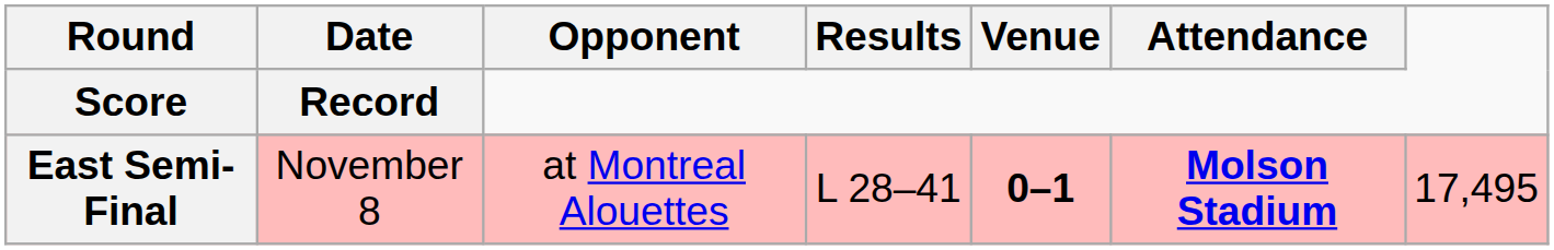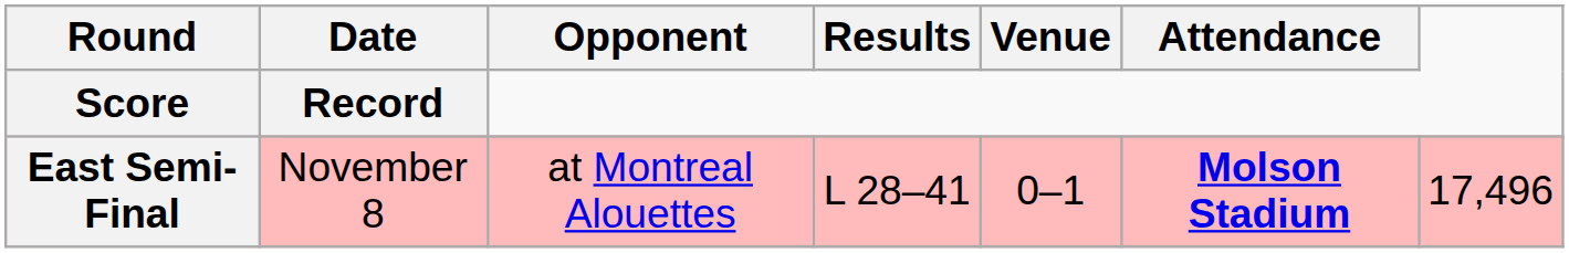 <table class="wikitable" style="text-align:center">
 <tr>
 <th>Round</th>
 <th>Date</th>
 <th>Opponent</th>
 <th>Results</th>
 <th>Venue</th>
 <th>Attendance</th>
 </tr>
 <tr>
 <th>Score</th>
 <th>Record</th>
 </tr>
 <tr style="background:#ffbbbb">
 <th>East Semi-Final</th>
 <td>November 8</td>
 <td>at <a href='#'>Montreal Alouettes</a></td>
 <td>L 28–41</td>
-<td><strong>0–1</strong></td>
+<td>0–1</td>
 <td><strong><a href='#'>Molson Stadium</a></strong></td>
-<td>17,495</td>
+<td>17,496</td>
 </tr>
 </table>
